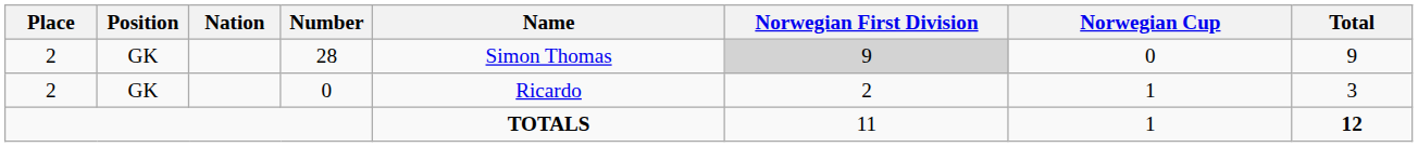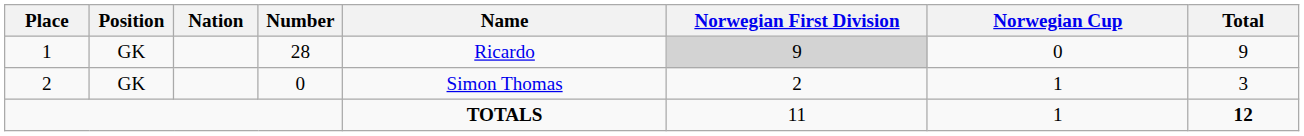 <table class="wikitable" style="font-size: 95%; text-align: center;">
 <tr>
 <th width=60>Place</th>
 <th width=60>Position</th>
 <th width=60>Nation</th>
 <th width=60>Number</th>
 <th width=250>Name</th>
 <th width=200><a href='#'>Norwegian First Division</a></th>
 <th width=200><a href='#'>Norwegian Cup</a></th>
 <th width=80><strong>Total</strong></th>
 </tr>
 <tr>
-<td>2</td>
+<td>1</td>
 <td>GK</td>
 <td></td>
 <td>28</td>
-<td><a href='#'>Simon Thomas</a></td>
+<td><a href='#'>Ricardo</a></td>
 <td style="background: lightgrey;">9</td>
 <td>0</td>
 <td>9</td>
 </tr>
 <tr>
 <td>2</td>
 <td>GK</td>
 <td></td>
 <td>0</td>
-<td><a href='#'>Ricardo</a></td>
+<td><a href='#'>Simon Thomas</a></td>
 <td>2</td>
 <td>1</td>
 <td>3</td>
 </tr>
 <tr>
 <td colspan="4"></td>
 <td><strong>TOTALS</strong></td>
 <td>11</td>
 <td>1</td>
 <td><strong>12</strong></td>
 </tr>
 </table>
